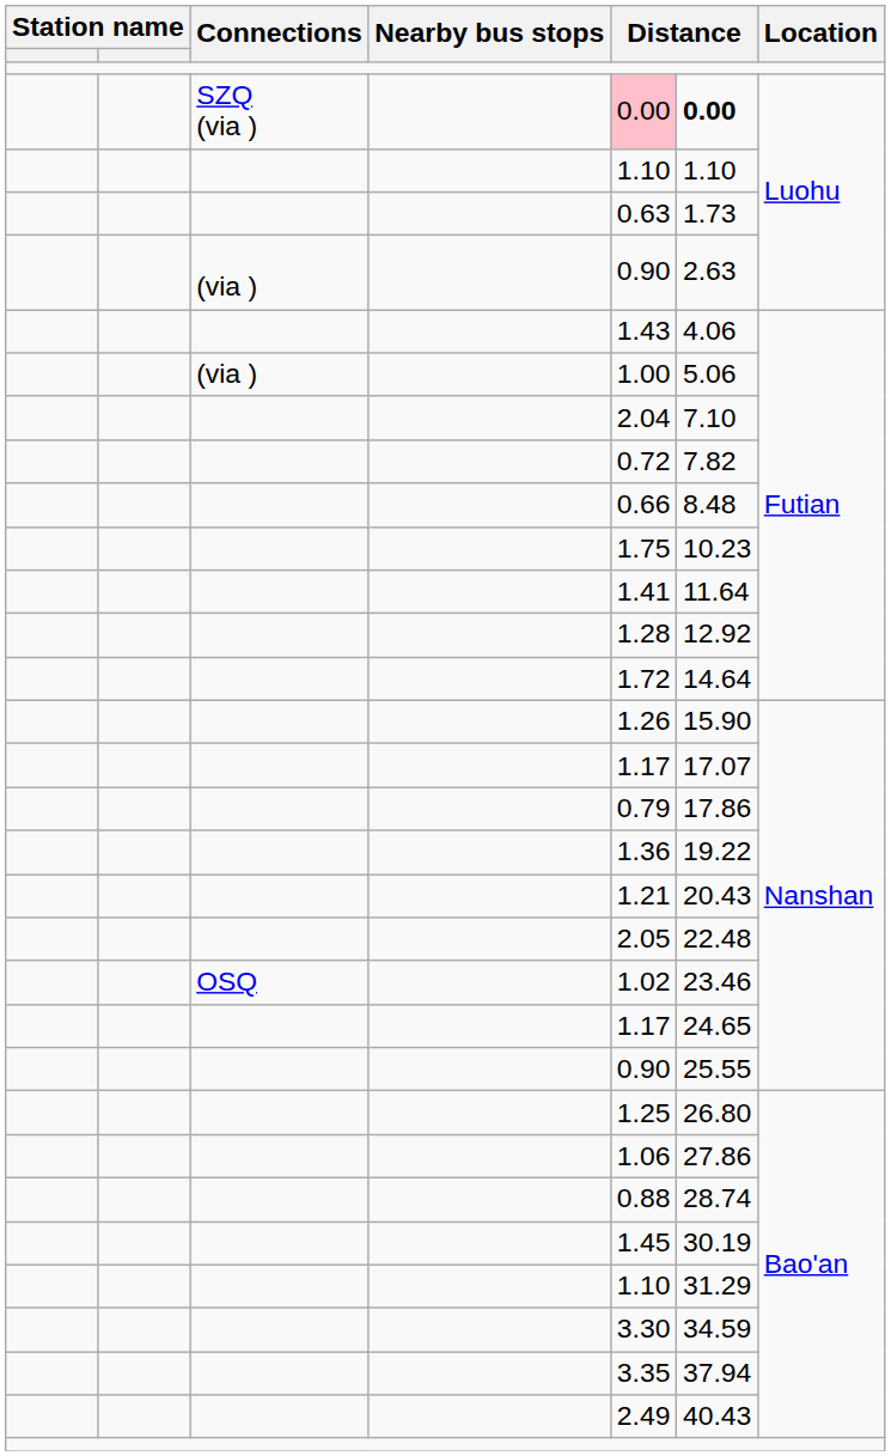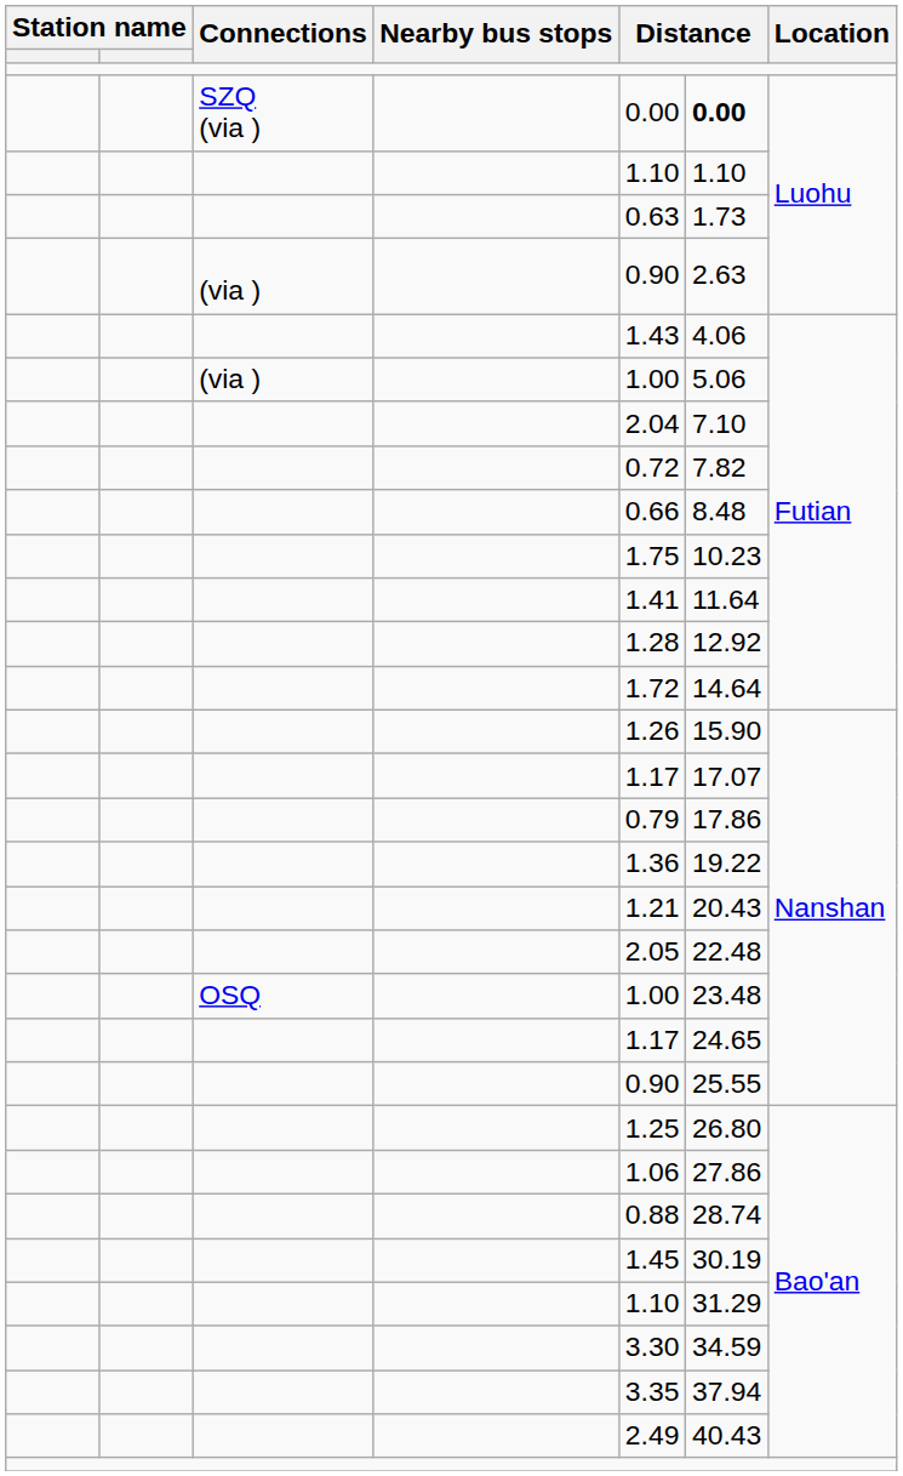 <table class="wikitable">
 <tr>
 <th colspan="2">Station name</th>
 <th rowspan="2">Connections</th>
 <th rowspan="2">Nearby bus stops</th>
 <th colspan="2" rowspan="2">Distance<br></th>
 <th rowspan="2">Location</th>
 </tr>
 <tr>
 <th></th>
 <th></th>
 </tr>
 <tr style="background:#">
 <td colspan = "9"></td>
 </tr>
 <tr>
 <td></td>
 <td></td>
 <td>    <a href='#'>SZQ</a> <br>  (via )</td>
 <td></td>
-<td style="background: pink;">0.00</td>
+<td>0.00</td>
 <td><strong>0.00</strong></td>
 <td rowspan=4><a href='#'>Luohu</a></td>
 </tr>
 <tr>
 <td></td>
 <td></td>
 <td></td>
 <td></td>
 <td>1.10</td>
 <td>1.10</td>
 </tr>
 <tr>
 <td></td>
 <td></td>
 <td></td>
 <td></td>
 <td>0.63</td>
 <td>1.73</td>
 </tr>
 <tr>
 <td></td>
 <td></td>
 <td><br>  (via )</td>
 <td></td>
 <td>0.90</td>
 <td>2.63</td>
 </tr>
 <tr>
 <td></td>
 <td></td>
 <td></td>
 <td></td>
 <td>1.43</td>
 <td>4.06</td>
 <td rowspan=9><a href='#'>Futian</a></td>
 </tr>
 <tr>
 <td></td>
 <td></td>
 <td>  (via )</td>
 <td></td>
 <td>1.00</td>
 <td>5.06</td>
 </tr>
 <tr>
 <td></td>
 <td></td>
 <td></td>
 <td></td>
 <td>2.04</td>
 <td>7.10</td>
 </tr>
 <tr>
 <td></td>
 <td></td>
 <td></td>
 <td></td>
 <td>0.72</td>
 <td>7.82</td>
 </tr>
 <tr>
 <td></td>
 <td></td>
 <td></td>
 <td></td>
 <td>0.66</td>
 <td>8.48</td>
 </tr>
 <tr>
 <td></td>
 <td></td>
 <td></td>
 <td></td>
 <td>1.75</td>
 <td>10.23</td>
 </tr>
 <tr>
 <td></td>
 <td></td>
 <td>  </td>
 <td></td>
 <td>1.41</td>
 <td>11.64</td>
 </tr>
 <tr>
 <td></td>
 <td></td>
 <td></td>
 <td></td>
 <td>1.28</td>
 <td>12.92</td>
 </tr>
 <tr>
 <td></td>
 <td></td>
 <td></td>
 <td></td>
 <td>1.72</td>
 <td>14.64</td>
 </tr>
 <tr>
 <td></td>
 <td></td>
 <td></td>
 <td></td>
 <td>1.26</td>
 <td>15.90</td>
 <td rowspan=9><a href='#'>Nanshan</a></td>
 </tr>
 <tr>
 <td></td>
 <td></td>
 <td></td>
 <td></td>
 <td>1.17</td>
 <td>17.07</td>
 </tr>
 <tr>
 <td></td>
 <td></td>
 <td></td>
 <td></td>
 <td>0.79</td>
 <td>17.86</td>
 </tr>
 <tr>
 <td></td>
 <td></td>
 <td></td>
 <td></td>
 <td>1.36</td>
 <td>19.22</td>
 </tr>
 <tr>
 <td></td>
 <td></td>
 <td></td>
 <td></td>
 <td>1.21</td>
 <td>20.43</td>
 </tr>
 <tr>
 <td></td>
 <td></td>
 <td></td>
 <td></td>
 <td>2.05</td>
 <td>22.48</td>
 </tr>
 <tr>
 <td></td>
 <td></td>
 <td> <a href='#'>OSQ</a></td>
 <td></td>
-<td>1.02</td>
-<td>23.46</td>
+<td>1.00</td>
+<td>23.48</td>
 </tr>
 <tr>
 <td></td>
 <td></td>
 <td></td>
 <td></td>
 <td>1.17</td>
 <td>24.65</td>
 </tr>
 <tr>
 <td></td>
 <td></td>
 <td> </td>
 <td></td>
 <td>0.90</td>
 <td>25.55</td>
 </tr>
 <tr>
 <td></td>
 <td></td>
 <td></td>
 <td></td>
 <td>1.25</td>
 <td>26.80</td>
 <td rowspan=8><a href='#'>Bao'an</a></td>
 </tr>
 <tr>
 <td></td>
 <td></td>
 <td></td>
 <td></td>
 <td>1.06</td>
 <td>27.86</td>
 </tr>
 <tr>
 <td></td>
 <td></td>
 <td></td>
 <td></td>
 <td>0.88</td>
 <td>28.74</td>
 </tr>
 <tr>
 <td></td>
 <td></td>
 <td></td>
 <td></td>
 <td>1.45</td>
 <td>30.19</td>
 </tr>
 <tr>
 <td></td>
 <td></td>
 <td></td>
 <td></td>
 <td>1.10</td>
 <td>31.29</td>
 </tr>
 <tr>
 <td></td>
 <td></td>
 <td></td>
 <td></td>
 <td>3.30</td>
 <td>34.59</td>
 </tr>
 <tr>
 <td></td>
 <td></td>
 <td></td>
 <td></td>
 <td>3.35</td>
 <td>37.94</td>
 </tr>
 <tr>
 <td></td>
 <td></td>
 <td></td>
 <td></td>
 <td>2.49</td>
 <td>40.43</td>
 </tr>
 <tr style="background:#">
 <td colspan = "9"></td>
 </tr>
 </table>
